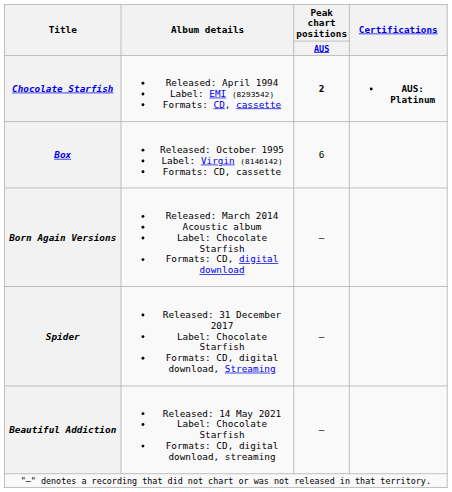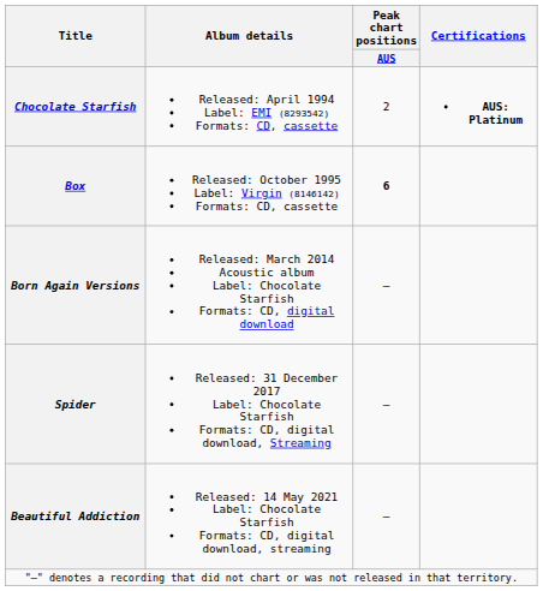 <table class="wikitable plainrowheaders" style="text-align:center;">
 <tr>
 <th scope="col" rowspan="2" style="width:12em;">Title</th>
 <th scope="col" rowspan="2" style="width:18em;">Album details</th>
 <th scope="col" colspan="1">Peak chart positions</th>
 <th scope="col" rowspan="2" style="width:10em;"><a href='#'>Certifications</a></th>
 </tr>
 <tr>
 <th scope="col" style="width:3em;font-size:90%;"><a href='#'>AUS</a><br></th>
 </tr>
 <tr>
 <th scope="row"><em><a href='#'>Chocolate Starfish</a></em></th>
 <td><br><ul><li>Released: April 1994</li><li>Label: <a href='#'>EMI</a> <small>(8293542)</small></li><li>Formats: <a href='#'>CD</a>, <a href='#'>cassette</a></li></ul></td>
-<td><strong>2</strong></td>
+<td>2</td>
 <td><strong><br><ul><li>AUS: Platinum</li></ul></strong></td>
 </tr>
 <tr>
 <th scope="row"><em><a href='#'>Box</a></em></th>
 <td><br><ul><li>Released: October 1995</li><li>Label: <a href='#'>Virgin</a> <small>(8146142)</small></li><li>Formats: CD, cassette</li></ul></td>
-<td>6</td>
+<td><strong>6</strong></td>
 <td></td>
 </tr>
 <tr>
 <th scope="row"><em>Born Again Versions</em></th>
 <td><br><ul><li>Released: March 2014</li><li>Acoustic album</li><li>Label: Chocolate Starfish</li><li>Formats: CD, <a href='#'>digital download</a></li></ul></td>
 <td>—</td>
 <td></td>
 </tr>
 <tr>
 <th scope="row"><em>Spider</em></th>
 <td><br><ul><li>Released: 31 December 2017</li><li>Label: Chocolate Starfish</li><li>Formats: CD, digital download, <a href='#'>Streaming</a></li></ul></td>
 <td>—</td>
 <td></td>
 </tr>
 <tr>
 <th scope="row"><em>Beautiful Addiction</em></th>
 <td><br><ul><li>Released: 14 May 2021</li><li>Label: Chocolate Starfish</li><li>Formats: CD, digital download, streaming</li></ul></td>
 <td>—</td>
 <td></td>
 </tr>
 <tr>
 <td colspan="5" style="font-size:90%">"—" denotes a recording that did not chart or was not released in that territory.</td>
 </tr>
 </table>
